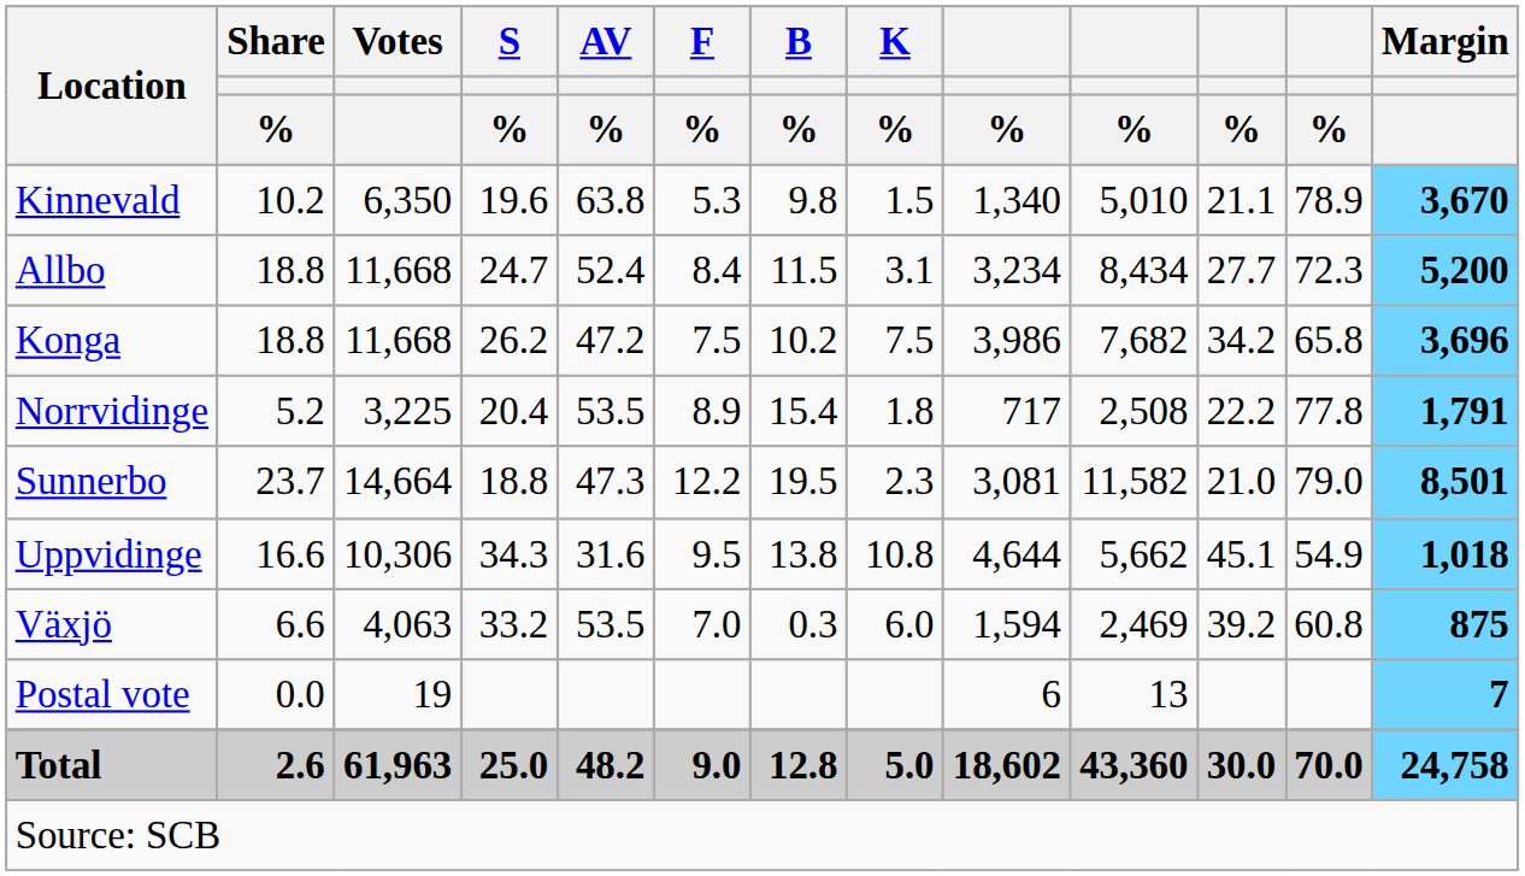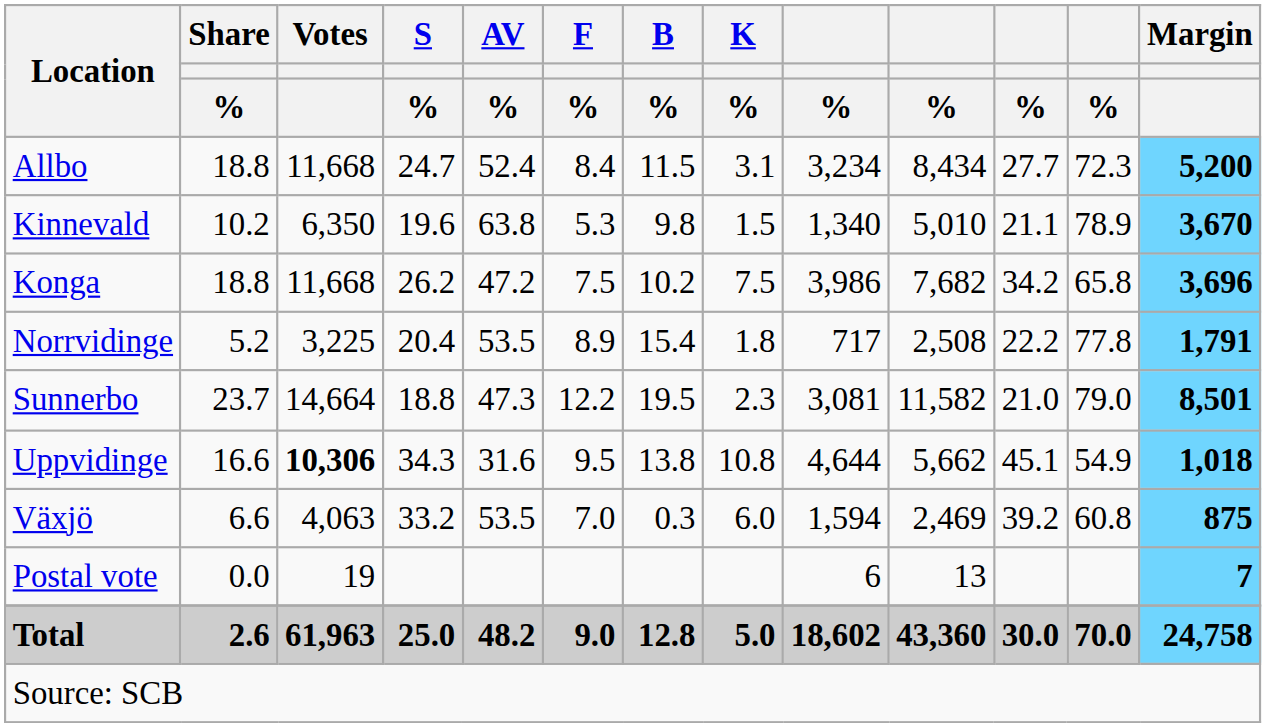 <table class="wikitable sortable" style="text-align:right; font-size:95%; line-height:20px;">
 <tr>
 <th rowspan="3">Location</th>
 <th>Share</th>
 <th>Votes</th>
 <th width="30px" class="unsortable"><a href='#'>S</a></th>
 <th width="30px" class="unsortable"><a href='#'>AV</a></th>
 <th width="30px" class="unsortable"><a href='#'>F</a></th>
 <th width="30px" class="unsortable"><a href='#'>B</a></th>
 <th width="30px" class="unsortable"><a href='#'>K</a></th>
 <th></th>
 <th></th>
 <th></th>
 <th></th>
 <th>Margin</th>
 </tr>
 <tr>
 <th></th>
 <th></th>
 <th style="background:"></th>
 <th style="background:"></th>
 <th style="background:"></th>
 <th style="background:"></th>
 <th style="background:"></th>
 <th style="background:"></th>
 <th style="background:"></th>
 <th style="background:"></th>
 <th style="background:"></th>
 <th></th>
 </tr>
 <tr>
 <th data-sort-type="number">%</th>
 <th></th>
 <th data-sort-type="number">%</th>
 <th data-sort-type="number">%</th>
 <th data-sort-type="number">%</th>
 <th data-sort-type="number">%</th>
 <th data-sort-type="number">%</th>
 <th data-sort-type="number">%</th>
 <th data-sort-type="number">%</th>
 <th data-sort-type="number">%</th>
 <th data-sort-type="number">%</th>
 <th></th>
 </tr>
 <tr>
+<td align=left><a href='#'>Allbo</a></td>
+<td>18.8</td>
+<td>11,668</td>
+<td>24.7</td>
+<td>52.4</td>
+<td>8.4</td>
+<td>11.5</td>
+<td>3.1</td>
+<td>3,234</td>
+<td>8,434</td>
+<td>27.7</td>
+<td>72.3</td>
+<td bgcolor=#6fd5fe><strong>5,200</strong></td>
+</tr>
+<tr>
 <td align=left><a href='#'>Kinnevald</a></td>
 <td>10.2</td>
 <td>6,350</td>
 <td>19.6</td>
 <td>63.8</td>
 <td>5.3</td>
 <td>9.8</td>
 <td>1.5</td>
 <td>1,340</td>
 <td>5,010</td>
 <td>21.1</td>
 <td>78.9</td>
 <td bgcolor=#6fd5fe><strong>3,670</strong></td>
-</tr>
-<tr>
-<td align=left><a href='#'>Allbo</a></td>
-<td>18.8</td>
-<td>11,668</td>
-<td>24.7</td>
-<td>52.4</td>
-<td>8.4</td>
-<td>11.5</td>
-<td>3.1</td>
-<td>3,234</td>
-<td>8,434</td>
-<td>27.7</td>
-<td>72.3</td>
-<td bgcolor=#6fd5fe><strong>5,200</strong></td>
 </tr>
 <tr>
 <td align=left><a href='#'>Konga</a></td>
 <td>18.8</td>
 <td>11,668</td>
 <td>26.2</td>
 <td>47.2</td>
 <td>7.5</td>
 <td>10.2</td>
 <td>7.5</td>
 <td>3,986</td>
 <td>7,682</td>
 <td>34.2</td>
 <td>65.8</td>
 <td bgcolor=#6fd5fe><strong>3,696</strong></td>
 </tr>
 <tr>
 <td align=left><a href='#'>Norrvidinge</a></td>
 <td>5.2</td>
 <td>3,225</td>
 <td>20.4</td>
 <td>53.5</td>
 <td>8.9</td>
 <td>15.4</td>
 <td>1.8</td>
 <td>717</td>
 <td>2,508</td>
 <td>22.2</td>
 <td>77.8</td>
 <td bgcolor=#6fd5fe><strong>1,791</strong></td>
 </tr>
 <tr>
 <td align=left><a href='#'>Sunnerbo</a></td>
 <td>23.7</td>
 <td>14,664</td>
 <td>18.8</td>
 <td>47.3</td>
 <td>12.2</td>
 <td>19.5</td>
 <td>2.3</td>
 <td>3,081</td>
 <td>11,582</td>
 <td>21.0</td>
 <td>79.0</td>
 <td bgcolor=#6fd5fe><strong>8,501</strong></td>
 </tr>
 <tr>
 <td align=left><a href='#'>Uppvidinge</a></td>
 <td>16.6</td>
-<td>10,306</td>
+<td><strong>10,306</strong></td>
 <td>34.3</td>
 <td>31.6</td>
 <td>9.5</td>
 <td>13.8</td>
 <td>10.8</td>
 <td>4,644</td>
 <td>5,662</td>
 <td>45.1</td>
 <td>54.9</td>
 <td bgcolor=#6fd5fe><strong>1,018</strong></td>
 </tr>
 <tr>
 <td align=left><a href='#'>Växjö</a></td>
 <td>6.6</td>
 <td>4,063</td>
 <td>33.2</td>
 <td>53.5</td>
 <td>7.0</td>
 <td>0.3</td>
 <td>6.0</td>
 <td>1,594</td>
 <td>2,469</td>
 <td>39.2</td>
 <td>60.8</td>
 <td bgcolor=#6fd5fe><strong>875</strong></td>
 </tr>
 <tr>
 <td align=left><a href='#'>Postal vote</a></td>
 <td>0.0</td>
 <td>19</td>
 <td></td>
 <td></td>
 <td></td>
 <td></td>
 <td></td>
 <td>6</td>
 <td>13</td>
 <td></td>
 <td></td>
 <td bgcolor=#6fd5fe><strong>7</strong></td>
 </tr>
 <tr>
 </tr>
 <tr style="background:#CDCDCD;">
 <td align=left><strong>Total</strong></td>
 <td><strong>2.6</strong></td>
 <td><strong>61,963</strong></td>
 <td><strong>25.0</strong></td>
 <td><strong>48.2</strong></td>
 <td><strong>9.0</strong></td>
 <td><strong>12.8</strong></td>
 <td><strong>5.0</strong></td>
 <td><strong>18,602</strong></td>
 <td><strong>43,360</strong></td>
 <td><strong>30.0</strong></td>
 <td><strong>70.0</strong></td>
 <td bgcolor=#6fd5fe><strong>24,758</strong></td>
 </tr>
 <tr>
 <td align=left colspan=13>Source: SCB </td>
 </tr>
 </table>
